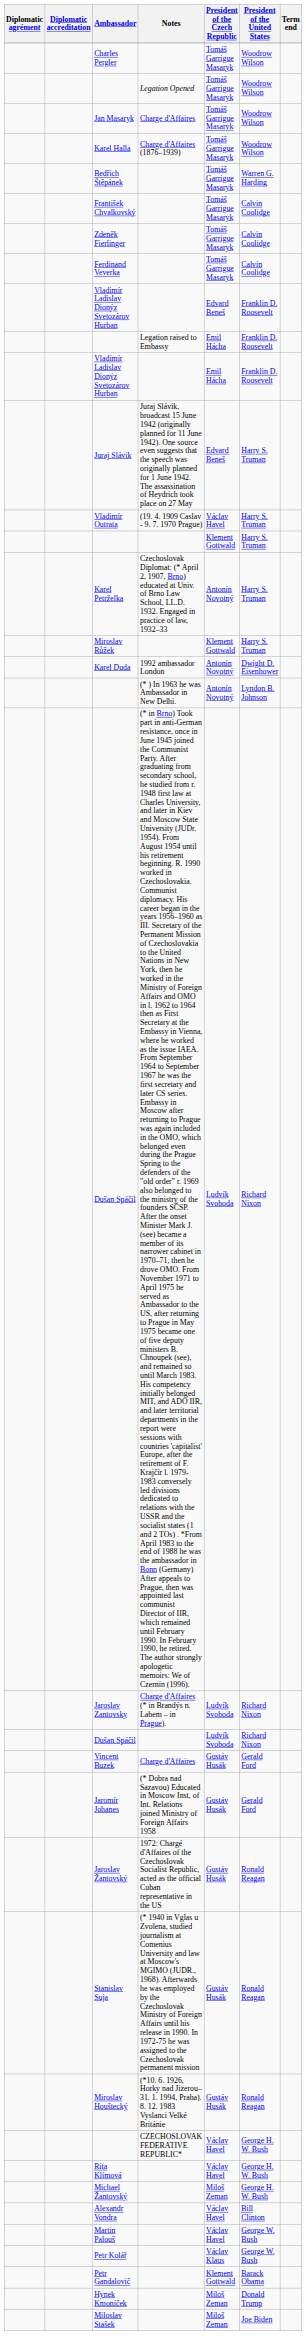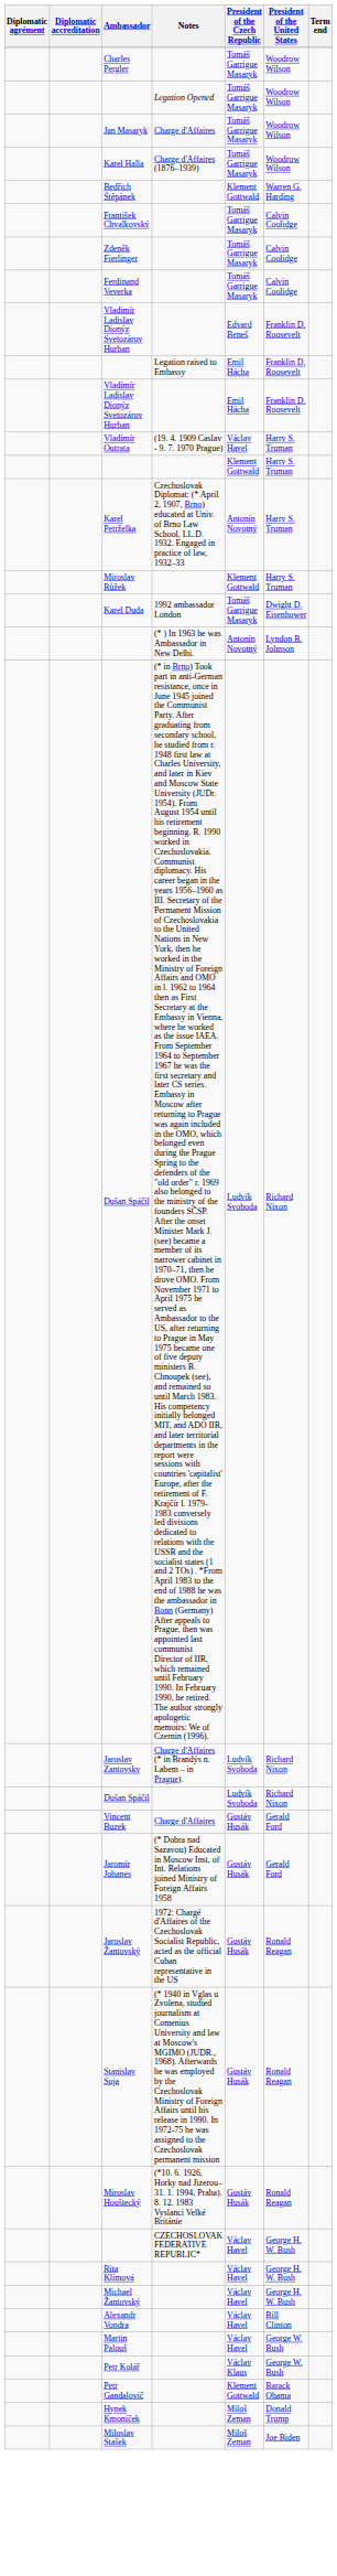 <table class="wikitable sortable">
 <tr>
 <th>Diplomatic <a href='#'>agrément</a></th>
 <th><a href='#'>Diplomatic accreditation</a></th>
 <th><a href='#'>Ambassador</a></th>
 <th>Notes</th>
 <th><a href='#'>President of the Czech Republic</a></th>
 <th><a href='#'>President of the United States</a></th>
 <th>Term end</th>
 </tr>
 <tr>
 </tr>
 <tr>
 <td></td>
 <td></td>
 <td><a href='#'>Charles Pergler</a></td>
 <td></td>
 <td><a href='#'>Tomáš Garrigue Masaryk</a></td>
 <td><a href='#'>Woodrow Wilson</a></td>
 <td></td>
 </tr>
 <tr>
 <td></td>
 <td></td>
 <td></td>
 <td><em>Legation Opened</em></td>
 <td><a href='#'>Tomáš Garrigue Masaryk</a></td>
 <td><a href='#'>Woodrow Wilson</a></td>
 <td></td>
 </tr>
 <tr>
 <td></td>
 <td></td>
 <td><a href='#'>Jan Masaryk</a></td>
 <td><a href='#'>Charge d'Affaires</a></td>
 <td><a href='#'>Tomáš Garrigue Masaryk</a></td>
 <td><a href='#'>Woodrow Wilson</a></td>
 <td></td>
 </tr>
 <tr>
 <td></td>
 <td></td>
 <td><a href='#'>Karel Halla</a></td>
 <td><a href='#'>Charge d'Affaires</a> (1876–1939)</td>
 <td><a href='#'>Tomáš Garrigue Masaryk</a></td>
 <td><a href='#'>Woodrow Wilson</a></td>
 <td></td>
 </tr>
 <tr>
 <td></td>
 <td></td>
 <td><a href='#'>Bedřich Štěpánek</a></td>
 <td></td>
-<td><a href='#'>Tomáš Garrigue Masaryk</a></td>
+<td><a href='#'>Klement Gottwald</a></td>
 <td><a href='#'>Warren G. Harding</a></td>
 <td></td>
 </tr>
 <tr>
 <td></td>
 <td></td>
 <td><a href='#'>František Chvalkovský</a></td>
 <td></td>
 <td><a href='#'>Tomáš Garrigue Masaryk</a></td>
 <td><a href='#'>Calvin Coolidge</a></td>
 <td></td>
 </tr>
 <tr>
 <td></td>
 <td></td>
 <td><a href='#'>Zdeněk Fierlinger</a></td>
 <td></td>
 <td><a href='#'>Tomáš Garrigue Masaryk</a></td>
 <td><a href='#'>Calvin Coolidge</a></td>
 <td></td>
 </tr>
 <tr>
 <td></td>
 <td></td>
 <td><a href='#'>Ferdinand Veverka</a></td>
 <td></td>
 <td><a href='#'>Tomáš Garrigue Masaryk</a></td>
 <td><a href='#'>Calvin Coolidge</a></td>
 <td></td>
 </tr>
 <tr>
 <td></td>
 <td></td>
 <td><a href='#'>Vladimír Ladislav Dionýz Svetozárov Hurban</a></td>
 <td></td>
 <td><a href='#'>Edvard Beneš</a></td>
 <td><a href='#'>Franklin D. Roosevelt</a></td>
 <td></td>
 </tr>
 <tr>
 <td></td>
 <td></td>
 <td></td>
 <td>Legation raised to Embassy</td>
 <td><a href='#'>Emil Hácha</a></td>
 <td><a href='#'>Franklin D. Roosevelt</a></td>
 <td></td>
 </tr>
 <tr>
 <td></td>
 <td></td>
 <td><a href='#'>Vladimír Ladislav Dionýz Svetozárov Hurban</a></td>
 <td></td>
 <td><a href='#'>Emil Hácha</a></td>
 <td><a href='#'>Franklin D. Roosevelt</a></td>
 <td></td>
 </tr>
 <tr>
 <td></td>
 <td></td>
-<td><a href='#'>Juraj Slávik</a></td>
-<td>Juraj Slávik, broadcast 15 June 1942 (originally planned for 11 June 1942). One source even suggests that the speech was originally planned for 1 June 1942. The assassination of Heydrich took place on 27 May</td>
-<td><a href='#'>Edvard Beneš</a></td>
-<td><a href='#'>Harry S. Truman</a></td>
-<td></td>
-</tr>
-<tr>
-<td></td>
-<td></td>
 <td><a href='#'>Vladimír Outrata</a></td>
 <td>(19. 4. 1909 Caslav - 9. 7. 1970 Prague)</td>
 <td><a href='#'>Václav Havel</a></td>
 <td><a href='#'>Harry S. Truman</a></td>
 <td></td>
 </tr>
 <tr>
 <td></td>
 <td></td>
 <td></td>
 <td></td>
 <td><a href='#'>Klement Gottwald</a></td>
 <td><a href='#'>Harry S. Truman</a></td>
 <td></td>
 </tr>
 <tr>
 <td></td>
 <td></td>
 <td><a href='#'>Karel Petrželka</a></td>
 <td>Czechoslovak Diplomat: (* April 2, 1907, <a href='#'>Brno</a>) educated at Univ. of Brno Law School, LL.D. 1932. Engaged in practice of law, 1932–33</td>
 <td><a href='#'>Antonín Novotný</a></td>
 <td><a href='#'>Harry S. Truman</a></td>
 <td></td>
 </tr>
 <tr>
 <td></td>
 <td></td>
 <td><a href='#'>Miroslav Růžek</a></td>
 <td></td>
 <td><a href='#'>Klement Gottwald</a></td>
 <td><a href='#'>Harry S. Truman</a></td>
 <td></td>
 </tr>
 <tr>
 <td></td>
 <td></td>
 <td><a href='#'>Karel Duda</a></td>
 <td>1992 ambassador London</td>
-<td><a href='#'>Antonín Novotný</a></td>
+<td><a href='#'>Tomáš Garrigue Masaryk</a></td>
 <td><a href='#'>Dwight D. Eisenhower</a></td>
 <td></td>
 </tr>
 <tr>
 <td></td>
 <td></td>
 <td></td>
 <td>(* ) In 1963 he was Ambassador in New Delhi.</td>
 <td><a href='#'>Antonín Novotný</a></td>
 <td><a href='#'>Lyndon B. Johnson</a></td>
 <td></td>
 </tr>
 <tr>
 <td></td>
 <td></td>
 <td><a href='#'>Dušan Spáčil</a></td>
 <td>(*  in <a href='#'>Brno</a>) Took part in anti-German resistance, once in June 1945 joined the Communist Party. After graduating from secondary school, he studied from r. 1948 first law at Charles University, and later in Kiev and Moscow State University (JUDr. 1954). From August 1954 until his retirement beginning. R. 1990 worked in Czechoslovakia. Communist diplomacy. His career began in the years 1956–1960 as III. Secretary of the Permanent Mission of Czechoslovakia to the United Nations in New York, then he worked in the Ministry of Foreign Affairs and OMO in l. 1962 to 1964 then as First Secretary at the Embassy in Vienna, where he worked as the issue IAEA. From September 1964 to September 1967 he was the first secretary and later CS series. Embassy in Moscow after returning to Prague was again included in the OMO, which belonged even during the Prague Spring to the defenders of the "old order" r. 1969 also belonged to the ministry of the founders SČSP. After the onset Minister Mark J. (see) became a member of its narrower cabinet in 1970–71, then he drove OMO. From November 1971 to April 1975 he served as Ambassador to the US, after returning to Prague in May 1975 became one of five deputy ministers B. Chnoupek (see), and remained so until March 1983. His competency initially belonged MIT, and ADO IIR, and later territorial departments in the report were sessions with countries 'capitalist' Europe, after the retirement of F. Krajčír l. 1979-1983 conversely led divisions dedicated to relations with the USSR and the socialist states (1 and 2 TOs) . *From April 1983 to the end of 1988 he was the ambassador in <a href='#'>Bonn</a> (Germany) After appeals to Prague, then was appointed last communist Director of IIR, which remained until February 1990. In February 1990, he retired. The author strongly apologetic memoirs: We of Czernin (1996).</td>
 <td><a href='#'>Ludvík Svoboda</a></td>
 <td><a href='#'>Richard Nixon</a></td>
 <td></td>
 </tr>
 <tr>
 <td></td>
 <td></td>
 <td><a href='#'>Jaroslav Zantovsky</a></td>
 <td><a href='#'>Charge d'Affaires</a> (*  in Brandýs n. Labem –  in <a href='#'>Prague</a>).</td>
 <td><a href='#'>Ludvík Svoboda</a></td>
 <td><a href='#'>Richard Nixon</a></td>
 <td></td>
 </tr>
 <tr>
 <td></td>
 <td></td>
 <td><a href='#'>Dušan Spáčil</a></td>
 <td></td>
 <td><a href='#'>Ludvík Svoboda</a></td>
 <td><a href='#'>Richard Nixon</a></td>
 <td></td>
 </tr>
 <tr>
 <td></td>
 <td></td>
 <td><a href='#'>Vincent Buzek</a></td>
 <td><a href='#'>Charge d'Affaires</a></td>
 <td><a href='#'>Gustáv Husák</a></td>
 <td><a href='#'>Gerald Ford</a></td>
 <td></td>
 </tr>
 <tr>
 <td></td>
 <td></td>
 <td><a href='#'>Jaromír Johanes</a></td>
 <td>(*  Dobra nad Sazavou) Educated in Moscow Inst, of Int. Relations joined Ministry of Foreign Affairs 1958<br></td>
 <td><a href='#'>Gustáv Husák</a></td>
 <td><a href='#'>Gerald Ford</a></td>
 <td></td>
 </tr>
 <tr>
 <td></td>
 <td></td>
 <td><a href='#'>Jaroslav Žantovský</a></td>
 <td>1972: Chargé d'Affaires of the Czechoslovak Socialist Republic, acted as the official Cuban representative in the US</td>
 <td><a href='#'>Gustáv Husák</a></td>
 <td><a href='#'>Ronald Reagan</a></td>
 <td></td>
 </tr>
 <tr>
 <td></td>
 <td></td>
 <td><a href='#'>Stanislav Suja</a></td>
 <td>(* 1940 in Vglas u Zvolena, studied journalism at Comenius University and law at Moscow's MGIMO (JUDR., 1968). Afterwards he was employed by the Czechoslovak Ministry of Foreign Affairs until his release in 1990. In 1972-75 he was assigned to the Czechoslovak permanent mission</td>
 <td><a href='#'>Gustáv Husák</a></td>
 <td><a href='#'>Ronald Reagan</a></td>
 <td></td>
 </tr>
 <tr>
 <td></td>
 <td></td>
 <td><a href='#'>Miroslav Houštecký</a></td>
 <td>(*10. 6. 1926, Horky nad Jizerou– 31. 1. 1994, Praha). 8. 12. 1983 Vyslanci Velké Británie</td>
 <td><a href='#'>Gustáv Husák</a></td>
 <td><a href='#'>Ronald Reagan</a></td>
 <td></td>
 </tr>
 <tr>
 <td></td>
 <td></td>
 <td></td>
 <td>CZECHOSLOVAK FEDERATIVE REPUBLIC*</td>
 <td><a href='#'>Václav Havel</a></td>
 <td><a href='#'>George H. W. Bush</a></td>
 <td></td>
 </tr>
 <tr>
 <td></td>
 <td></td>
 <td><a href='#'>Rita Klímová</a></td>
 <td></td>
 <td><a href='#'>Václav Havel</a></td>
 <td><a href='#'>George H. W. Bush</a></td>
 <td></td>
 </tr>
 <tr>
 <td></td>
 <td></td>
 <td><a href='#'>Michael Žantovský</a></td>
 <td></td>
-<td><a href='#'>Miloš Zeman</a></td>
+<td><a href='#'>Václav Havel</a></td>
 <td><a href='#'>George H. W. Bush</a></td>
 <td></td>
 </tr>
 <tr>
 <td></td>
 <td></td>
 <td><a href='#'>Alexandr Vondra</a></td>
 <td></td>
 <td><a href='#'>Václav Havel</a></td>
 <td><a href='#'>Bill Clinton</a></td>
 <td></td>
 </tr>
 <tr>
 <td></td>
 <td></td>
 <td><a href='#'>Martin Palouš</a></td>
 <td></td>
 <td><a href='#'>Václav Havel</a></td>
 <td><a href='#'>George W. Bush</a></td>
 <td></td>
 </tr>
 <tr>
 <td></td>
 <td></td>
 <td><a href='#'>Petr Kolář</a></td>
 <td></td>
 <td><a href='#'>Václav Klaus</a></td>
 <td><a href='#'>George W. Bush</a></td>
 <td></td>
 </tr>
 <tr>
 <td></td>
 <td></td>
 <td><a href='#'>Petr Gandalovič</a></td>
 <td></td>
 <td><a href='#'>Klement Gottwald</a></td>
 <td><a href='#'>Barack Obama</a></td>
 <td></td>
 </tr>
 <tr>
 <td></td>
 <td></td>
 <td><a href='#'>Hynek Kmoníček</a></td>
 <td></td>
 <td><a href='#'>Miloš Zeman</a></td>
 <td><a href='#'>Donald Trump</a></td>
 <td></td>
 </tr>
 <tr>
 <td></td>
 <td></td>
 <td><a href='#'>Miloslav Stašek</a></td>
 <td></td>
 <td><a href='#'>Miloš Zeman</a></td>
 <td><a href='#'>Joe Biden</a></td>
 <td></td>
 </tr>
 </table>
